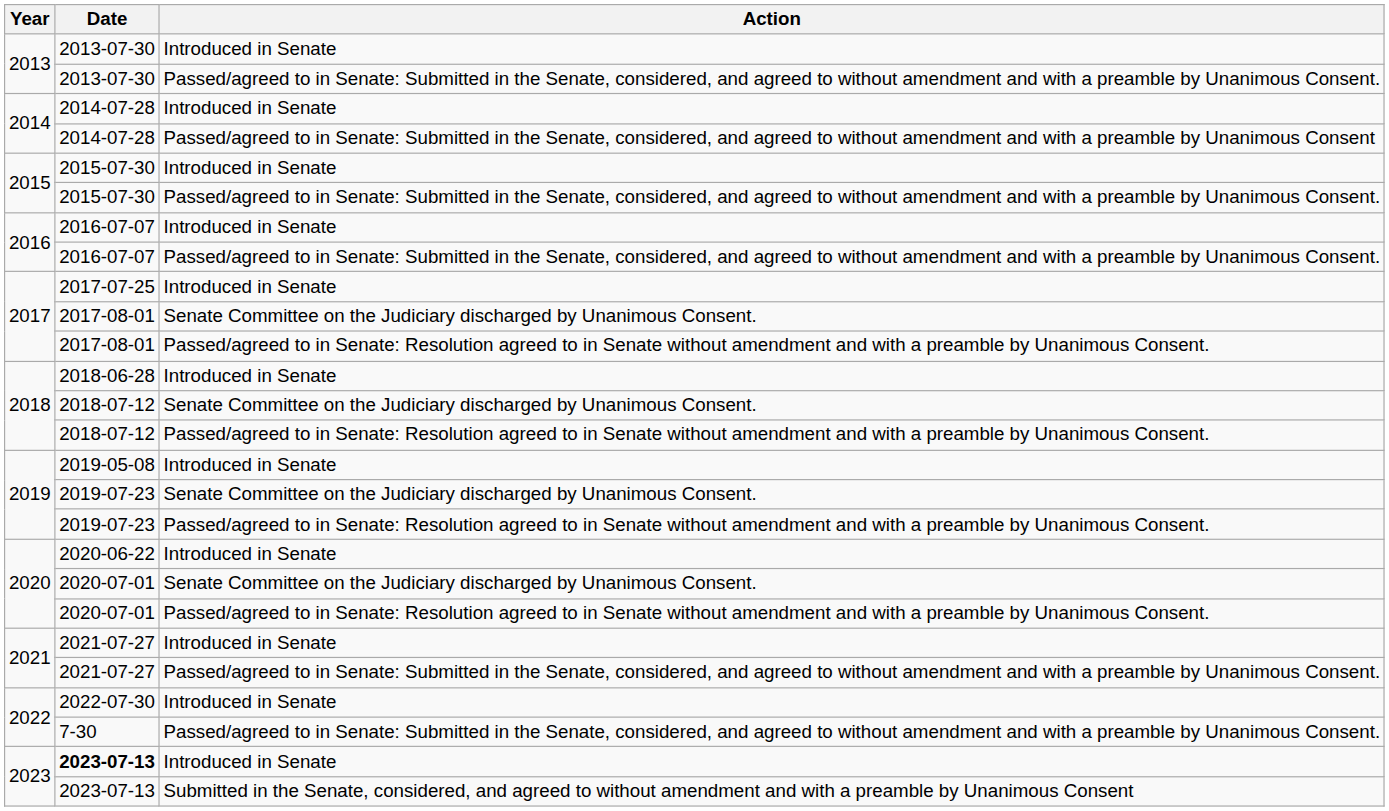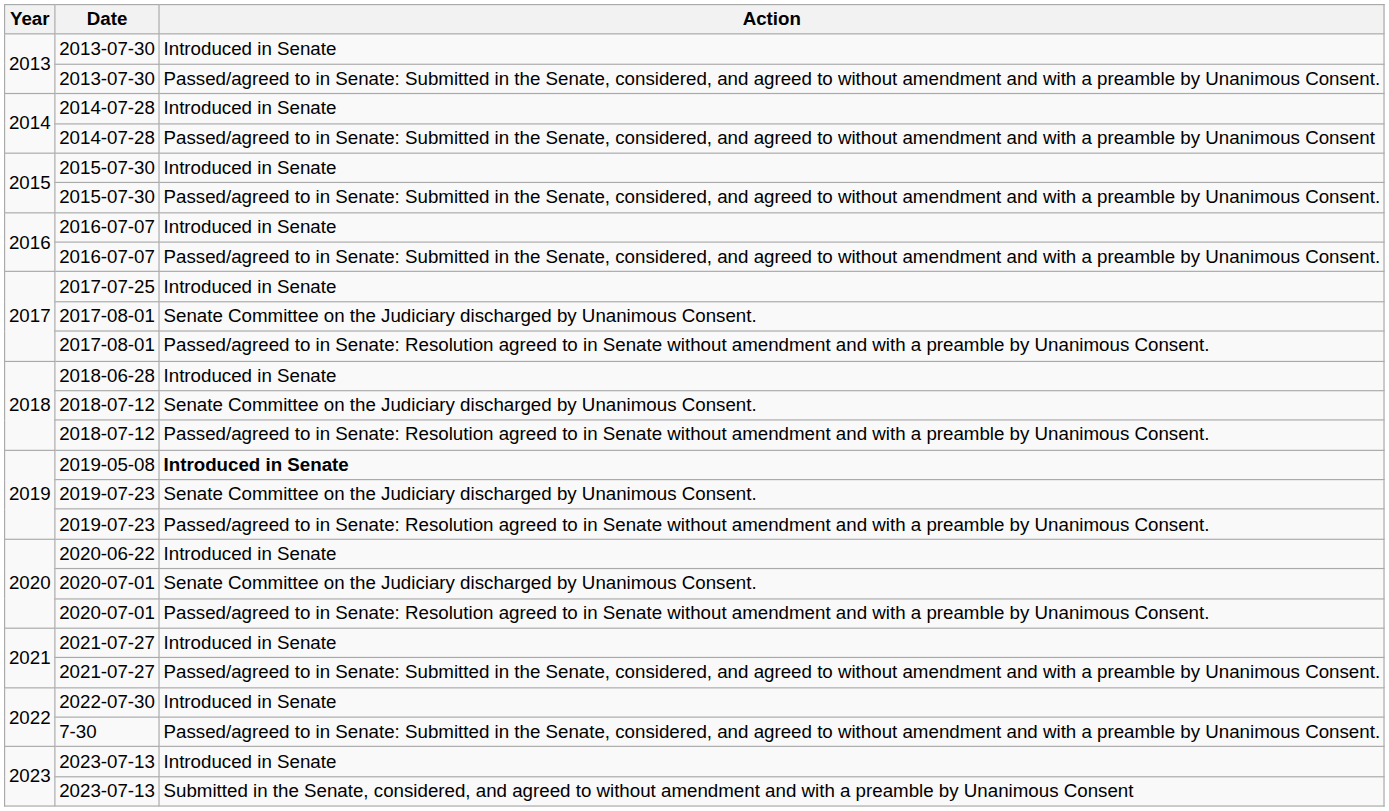 <table class="wikitable">
 <tr>
 <th>Year</th>
 <th>Date</th>
 <th>Action</th>
 </tr>
 <tr>
 <td rowspan="2">2013</td>
 <td>2013-07-30</td>
 <td>Introduced in Senate</td>
 </tr>
 <tr>
 <td>2013-07-30</td>
 <td>Passed/agreed to in Senate: Submitted in the Senate, considered, and agreed to without amendment and with a preamble by Unanimous Consent.</td>
 </tr>
 <tr>
 <td rowspan="2">2014</td>
 <td>2014-07-28</td>
 <td>Introduced in Senate</td>
 </tr>
 <tr>
 <td>2014-07-28</td>
 <td>Passed/agreed to in Senate: Submitted in the Senate, considered, and agreed to without amendment and with a preamble by Unanimous Consent</td>
 </tr>
 <tr>
 <td rowspan="2">2015</td>
 <td>2015-07-30</td>
 <td>Introduced in Senate</td>
 </tr>
 <tr>
 <td>2015-07-30</td>
 <td>Passed/agreed to in Senate: Submitted in the Senate, considered, and agreed to without amendment and with a preamble by Unanimous Consent.</td>
 </tr>
 <tr>
 <td rowspan="2">2016</td>
 <td>2016-07-07</td>
 <td>Introduced in Senate</td>
 </tr>
 <tr>
 <td>2016-07-07</td>
 <td>Passed/agreed to in Senate: Submitted in the Senate, considered, and agreed to without amendment and with a preamble by Unanimous Consent.</td>
 </tr>
 <tr>
 <td rowspan="3">2017</td>
 <td>2017-07-25</td>
 <td>Introduced in Senate</td>
 </tr>
 <tr>
 <td>2017-08-01</td>
 <td>Senate Committee on the Judiciary discharged by Unanimous Consent.</td>
 </tr>
 <tr>
 <td>2017-08-01</td>
 <td>Passed/agreed to in Senate: Resolution agreed to in Senate without amendment and with a preamble by Unanimous Consent.</td>
 </tr>
 <tr>
 <td rowspan="3">2018</td>
 <td>2018-06-28</td>
 <td>Introduced in Senate</td>
 </tr>
 <tr>
 <td>2018-07-12</td>
 <td>Senate Committee on the Judiciary discharged by Unanimous Consent.</td>
 </tr>
 <tr>
 <td>2018-07-12</td>
 <td>Passed/agreed to in Senate: Resolution agreed to in Senate without amendment and with a preamble by Unanimous Consent.</td>
 </tr>
 <tr>
 <td rowspan="3">2019</td>
 <td>2019-05-08</td>
-<td>Introduced in Senate</td>
+<td><strong>Introduced in Senate</strong></td>
 </tr>
 <tr>
 <td>2019-07-23</td>
 <td>Senate Committee on the Judiciary discharged by Unanimous Consent.</td>
 </tr>
 <tr>
 <td>2019-07-23</td>
 <td>Passed/agreed to in Senate: Resolution agreed to in Senate without amendment and with a preamble by Unanimous Consent.</td>
 </tr>
 <tr>
 <td rowspan="3">2020</td>
 <td>2020-06-22</td>
 <td>Introduced in Senate</td>
 </tr>
 <tr>
 <td>2020-07-01</td>
 <td>Senate Committee on the Judiciary discharged by Unanimous Consent.</td>
 </tr>
 <tr>
 <td>2020-07-01</td>
 <td>Passed/agreed to in Senate: Resolution agreed to in Senate without amendment and with a preamble by Unanimous Consent.</td>
 </tr>
 <tr>
 <td rowspan="2">2021</td>
 <td>2021-07-27</td>
 <td>Introduced in Senate</td>
 </tr>
 <tr>
 <td>2021-07-27</td>
 <td>Passed/agreed to in Senate: Submitted in the Senate, considered, and agreed to without amendment and with a preamble by Unanimous Consent.</td>
 </tr>
 <tr>
 <td rowspan="2">2022</td>
 <td>2022-07-30</td>
 <td>Introduced in Senate</td>
 </tr>
 <tr>
 <td>7-30</td>
 <td>Passed/agreed to in Senate: Submitted in the Senate, considered, and agreed to without amendment and with a preamble by Unanimous Consent.</td>
 </tr>
 <tr>
 <td rowspan="2">2023</td>
-<td><strong>2023-07-13</strong></td>
+<td>2023-07-13</td>
 <td>Introduced in Senate</td>
 </tr>
 <tr>
 <td>2023-07-13</td>
 <td>Submitted in the Senate, considered, and agreed to without amendment and with a preamble by Unanimous Consent</td>
 </tr>
 </table>
